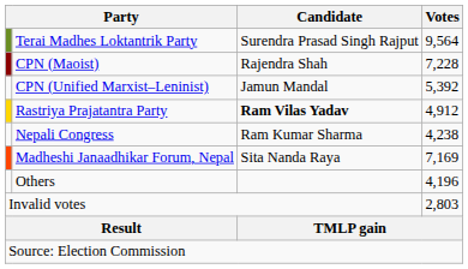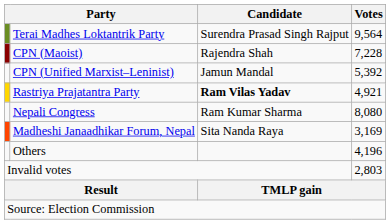 <table class="wikitable">
 <tr>
 <th colspan="2">Party</th>
 <th>Candidate</th>
 <th>Votes</th>
 </tr>
 <tr>
 <td style="background-color:olivedrab"></td>
 <td><a href='#'>Terai Madhes Loktantrik Party</a></td>
 <td>Surendra Prasad Singh Rajput</td>
 <td>9,564</td>
 </tr>
 <tr>
 <td style="background-color:darkred"></td>
 <td><a href='#'>CPN (Maoist)</a></td>
 <td>Rajendra Shah</td>
 <td>7,228</td>
 </tr>
 <tr>
 <td style="background-color:"></td>
 <td><a href='#'>CPN (Unified Marxist–Leninist)</a></td>
 <td>Jamun Mandal</td>
 <td>5,392</td>
 </tr>
 <tr>
 <td style="background-color:gold"></td>
 <td><a href='#'>Rastriya Prajatantra Party</a></td>
 <td><strong>Ram Vilas Yadav</strong></td>
-<td>4,912</td>
+<td>4,921</td>
 </tr>
 <tr>
 <td style="background-color:"></td>
 <td><a href='#'>Nepali Congress</a></td>
 <td>Ram Kumar Sharma</td>
-<td>4,238</td>
+<td>8,080</td>
 </tr>
 <tr>
 <td style="background-color:orangered"></td>
 <td><a href='#'>Madheshi Janaadhikar Forum, Nepal</a></td>
 <td>Sita Nanda Raya</td>
-<td>7,169</td>
+<td>3,169</td>
 </tr>
 <tr>
 <td></td>
 <td>Others</td>
 <td></td>
 <td>4,196</td>
 </tr>
 <tr>
 <td colspan="3">Invalid votes</td>
 <td>2,803</td>
 </tr>
 <tr>
 <th colspan="2">Result</th>
 <th colspan="2">TMLP gain</th>
 </tr>
 <tr>
 <td colspan="4">Source: Election Commission</td>
 </tr>
 </table>
